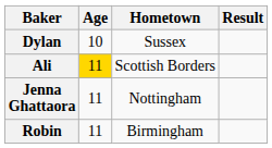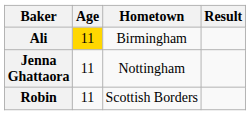 <table class="wikitable sortable" style="display:inline-table; text-align:center">
 <tr>
 <th scope="col">Baker</th>
 <th scope="col">Age</th>
 <th scope="col">Hometown</th>
 <th scope="col">Result</th>
 </tr>
 <tr>
-<th scope="row">Dylan</th>
-<td>10</td>
-<td>Sussex</td>
-<td></td>
-</tr>
-<tr>
 <th scope="row">Ali</th>
 <td style="background: gold;">11</td>
-<td>Scottish Borders</td>
+<td>Birmingham</td>
 <td></td>
 </tr>
 <tr>
 <th scope="row">Jenna<br>Ghattaora</th>
 <td>11</td>
 <td>Nottingham</td>
 <td></td>
 </tr>
 <tr>
 <th scope="row">Robin</th>
 <td>11</td>
-<td>Birmingham</td>
+<td>Scottish Borders</td>
 <td></td>
 </tr>
 </table>
